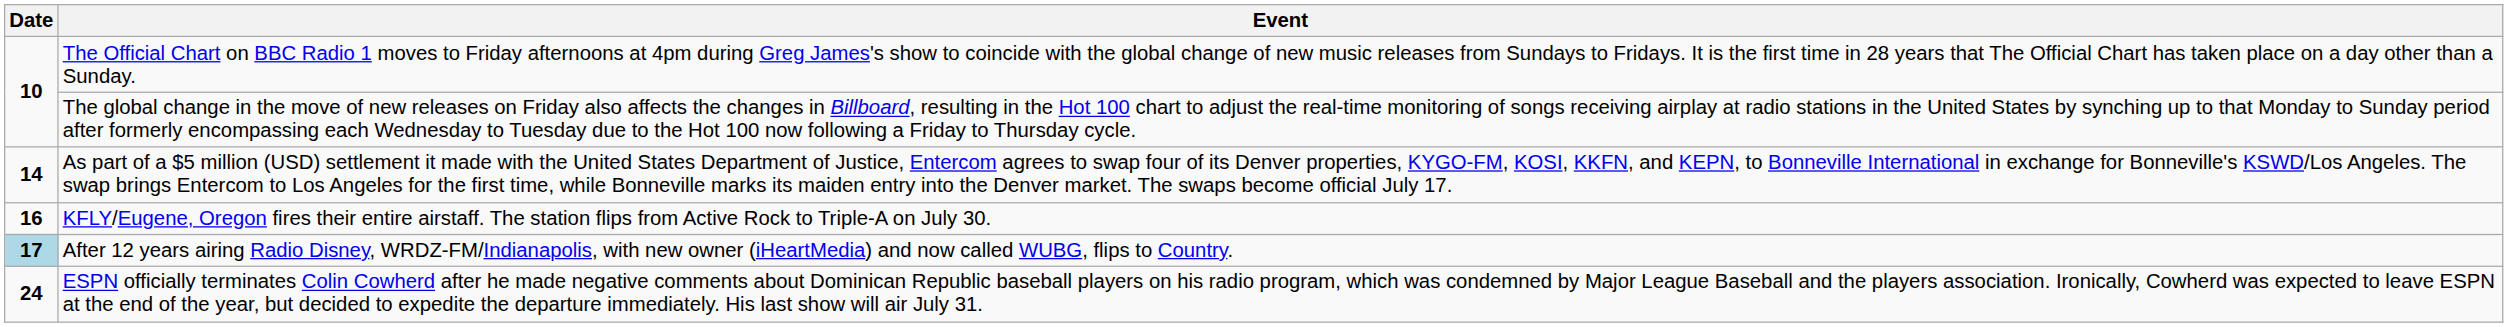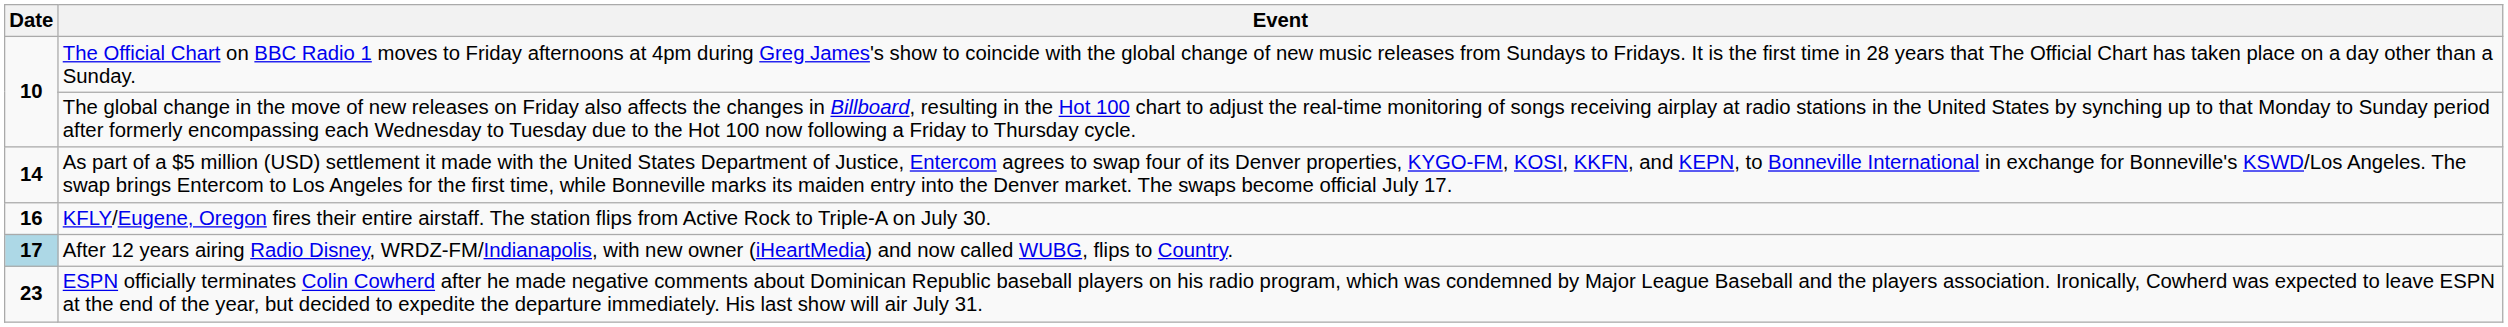 <table class="wikitable">
 <tr>
 <th>Date</th>
 <th>Event</th>
 </tr>
 <tr>
 <td style="text-align:center" rowspan=2><strong>10</strong></td>
 <td><a href='#'>The Official Chart</a> on <a href='#'>BBC Radio 1</a> moves to Friday afternoons at 4pm during <a href='#'>Greg James</a>'s show to coincide with the global change of new music releases from Sundays to Fridays. It is the first time in 28 years that The Official Chart has taken place on a day other than a Sunday.</td>
 </tr>
 <tr>
 <td>The global change in the move of new releases on Friday also affects the changes in <em><a href='#'>Billboard</a></em>, resulting in the <a href='#'>Hot 100</a> chart to adjust the real-time monitoring of songs receiving airplay at radio stations in the United States by synching up to that Monday to Sunday period after formerly encompassing each Wednesday to Tuesday due to the Hot 100 now following a Friday to Thursday cycle.</td>
 </tr>
 <tr>
 <td style="text-align:center"><strong>14</strong></td>
 <td>As part of a $5 million (USD) settlement it made with the United States Department of Justice, <a href='#'>Entercom</a> agrees to swap four of its Denver properties, <a href='#'>KYGO-FM</a>, <a href='#'>KOSI</a>, <a href='#'>KKFN</a>, and <a href='#'>KEPN</a>, to <a href='#'>Bonneville International</a> in exchange for Bonneville's <a href='#'>KSWD</a>/Los Angeles. The swap brings Entercom to Los Angeles for the first time, while Bonneville marks its maiden entry into the Denver market. The swaps become official July 17.</td>
 </tr>
 <tr>
 <td style="text-align:center"><strong>16</strong></td>
 <td><a href='#'>KFLY</a>/<a href='#'>Eugene, Oregon</a> fires their entire airstaff. The station flips from Active Rock to Triple-A on July 30.</td>
 </tr>
 <tr>
 <td style="background: lightblue; text-align:center"><strong>17</strong></td>
 <td>After 12 years airing <a href='#'>Radio Disney</a>, WRDZ-FM/<a href='#'>Indianapolis</a>, with new owner (<a href='#'>iHeartMedia</a>) and now called <a href='#'>WUBG</a>, flips to <a href='#'>Country</a>.</td>
 </tr>
 <tr>
-<td style="text-align:center"><strong>24</strong></td>
+<td style="text-align:center"><strong>23</strong></td>
 <td><a href='#'>ESPN</a> officially terminates <a href='#'>Colin Cowherd</a> after he made negative comments about Dominican Republic baseball players on his radio program, which was condemned by Major League Baseball and the players association. Ironically, Cowherd was expected to leave ESPN at the end of the year, but decided to expedite the departure immediately. His last show will air July 31.</td>
 </tr>
 </table>
